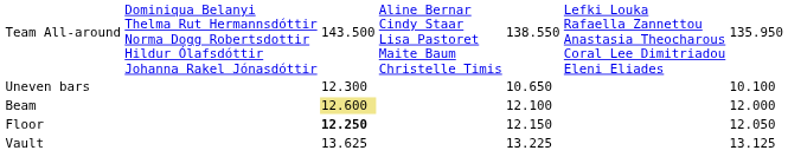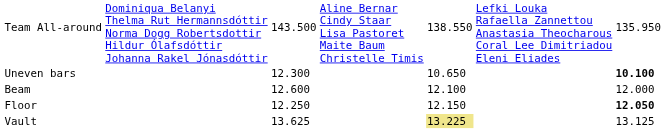 <table>
 <tr>
 <td>Team All-around</td>
 <td><br><a href='#'>Dominiqua Belanyi</a><br><a href='#'>Thelma Rut Hermannsdóttir</a><br><a href='#'>Norma Dogg Robertsdottir</a><br><a href='#'>Hildur Ólafsdóttir</a><br><a href='#'>Johanna Rakel Jónasdóttir</a></td>
 <td>143.500</td>
 <td><br><a href='#'>Aline Bernar</a><br><a href='#'>Cindy Staar</a><br><a href='#'>Lisa Pastoret</a><br><a href='#'>Maite Baum</a><br><a href='#'>Christelle Timis</a></td>
 <td>138.550</td>
 <td><br><a href='#'>Lefki Louka</a><br><a href='#'>Rafaella Zannettou</a><br><a href='#'>Anastasia Theocharous</a><br><a href='#'>Coral Lee Dimitriadou</a><br><a href='#'>Eleni Eliades</a></td>
 <td>135.950</td>
 </tr>
 <tr>
 <td>Uneven bars</td>
 <td></td>
 <td>12.300</td>
 <td></td>
 <td>10.650</td>
 <td></td>
-<td>10.100</td>
+<td><strong>10.100</strong></td>
 </tr>
 <tr>
 <td>Beam</td>
 <td></td>
-<td style="background: khaki;">12.600</td>
+<td>12.600</td>
 <td></td>
 <td>12.100</td>
 <td><br></td>
 <td>12.000</td>
 </tr>
 <tr>
 <td>Floor</td>
 <td></td>
-<td><strong>12.250</strong></td>
+<td>12.250</td>
 <td></td>
 <td>12.150</td>
 <td></td>
-<td>12.050</td>
+<td><strong>12.050</strong></td>
 </tr>
 <tr>
 <td>Vault</td>
 <td></td>
 <td>13.625</td>
 <td></td>
-<td>13.225</td>
+<td style="background: khaki;">13.225</td>
 <td></td>
 <td>13.125</td>
 </tr>
 </table>
